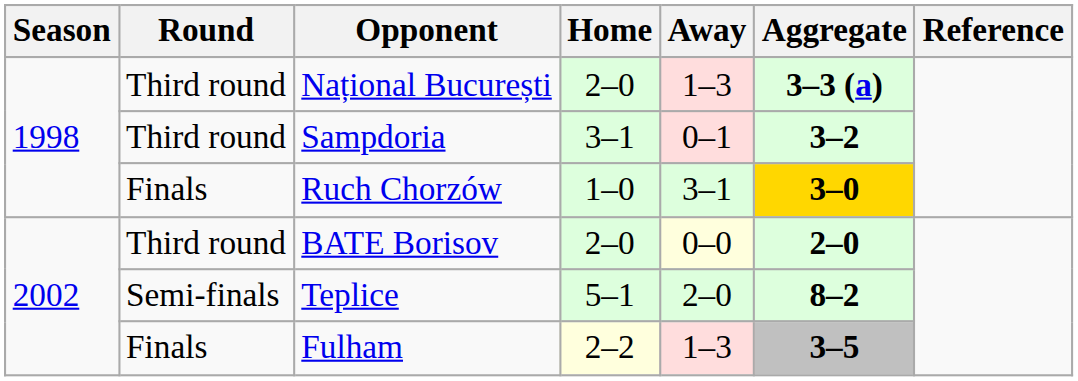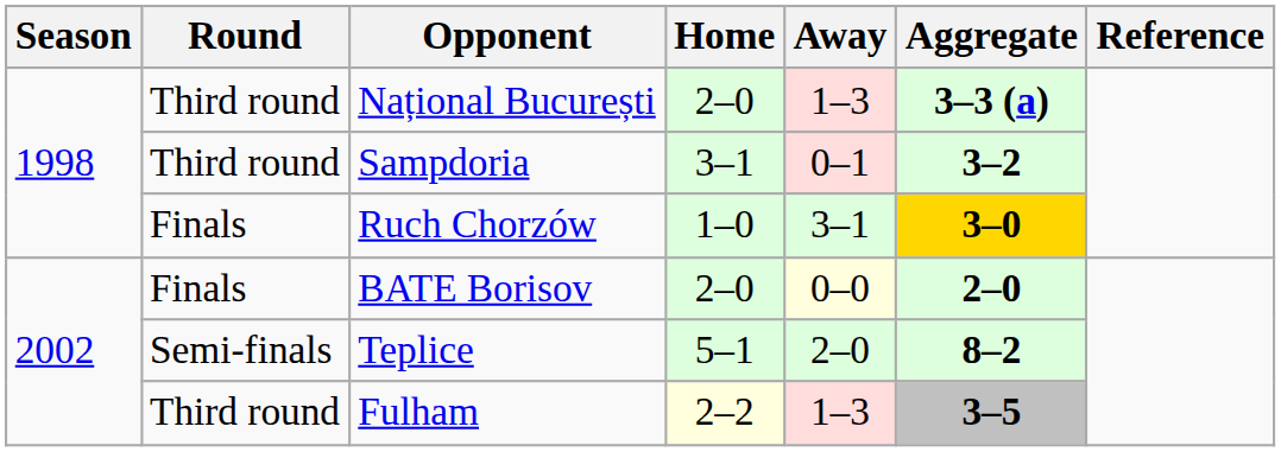 <table class="wikitable">
 <tr>
 <th>Season</th>
 <th>Round</th>
 <th>Opponent</th>
 <th>Home</th>
 <th>Away</th>
 <th>Aggregate</th>
 <th>Reference</th>
 </tr>
 <tr>
 <td rowspan=3><a href='#'>1998</a></td>
 <td>Third round</td>
 <td> <a href='#'>Național București</a></td>
 <td style="text-align:center; background:#dfd;">2–0</td>
 <td style="text-align:center; background:#fdd;">1–3</td>
 <td style="text-align:center; background:#dfd"><strong>3–3 (<a href='#'>a</a>)</strong></td>
 <td rowspan="3" style="text-align:center;"></td>
 </tr>
 <tr>
 <td>Third round</td>
 <td> <a href='#'>Sampdoria</a></td>
 <td style="text-align:center; background:#dfd;">3–1</td>
 <td style="text-align:center; background:#fdd;">0–1</td>
 <td style="text-align:center; background:#dfd;"><strong>3–2</strong></td>
 </tr>
 <tr>
 <td>Finals</td>
 <td> <a href='#'>Ruch Chorzów</a></td>
 <td style="text-align:center; background:#dfd;">1–0</td>
 <td style="text-align:center; background:#dfd;">3–1</td>
 <td bgcolor="gold" style="text-align:center;"><strong>3–0</strong></td>
 </tr>
 <tr>
 <td rowspan=3><a href='#'>2002</a></td>
-<td>Third round</td>
+<td>Finals</td>
 <td> <a href='#'>BATE Borisov</a></td>
 <td style="text-align:center; background:#dfd;">2–0</td>
 <td style="text-align:center; background:#ffd;">0–0</td>
 <td style="text-align:center; background:#dfd"><strong>2–0</strong></td>
 <td rowspan="3" style="text-align:center;"></td>
 </tr>
 <tr>
 <td>Semi-finals</td>
 <td> <a href='#'>Teplice</a></td>
 <td style="text-align:center; background:#dfd;">5–1</td>
 <td style="text-align:center; background:#dfd;">2–0</td>
 <td style="text-align:center; background:#dfd"><strong>8–2</strong></td>
 </tr>
 <tr>
-<td>Finals</td>
+<td>Third round</td>
 <td> <a href='#'>Fulham</a></td>
 <td style="text-align:center; background:#ffd;">2–2</td>
 <td style="text-align:center; background:#fdd;">1–3</td>
 <td bgcolor="silver" style="text-align:center;"><strong>3–5</strong></td>
 </tr>
 </table>
